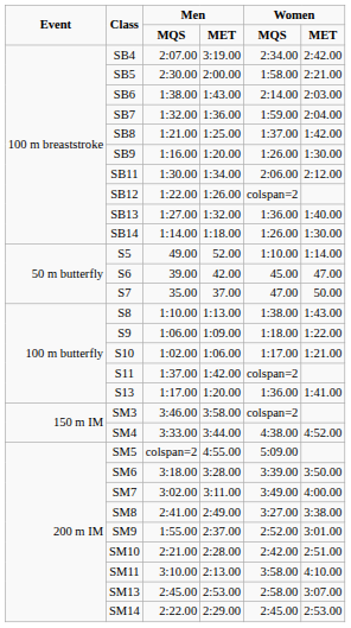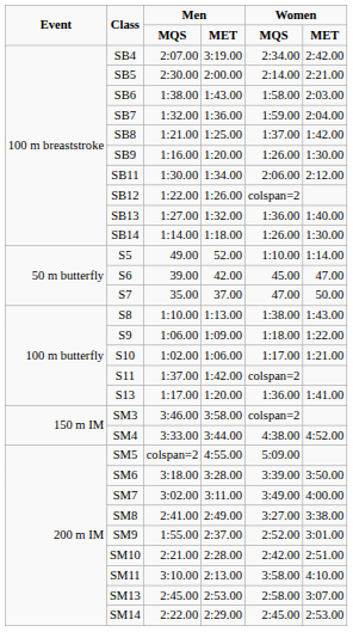 <table class="wikitable" style="text-align:right">
 <tr>
 <td align="center" rowspan="2"><strong>Event</strong></td>
 <td align="center" rowspan="2"><strong>Class</strong></td>
 <td align="center" colspan="2"><strong>Men</strong></td>
 <td align="center" colspan="2"><strong>Women</strong></td>
 </tr>
 <tr>
 <td align="center"><strong>MQS</strong></td>
 <td align="center"><strong>MET</strong></td>
 <td align="center"><strong>MQS</strong></td>
 <td align="center"><strong>MET</strong></td>
 </tr>
 <tr>
 <td rowspan="10">100 m breaststroke</td>
 <td align="center">SB4</td>
 <td>2:07.00</td>
 <td>3:19.00</td>
 <td>2:34.00</td>
 <td>2:42.00</td>
 </tr>
 <tr>
 <td align="center">SB5</td>
 <td>2:30.00</td>
 <td>2:00.00</td>
-<td>1:58.00</td>
+<td>2:14.00</td>
 <td>2:21.00</td>
 </tr>
 <tr>
 <td align="center">SB6</td>
 <td>1:38.00</td>
 <td>1:43.00</td>
-<td>2:14.00</td>
+<td>1:58.00</td>
 <td>2:03.00</td>
 </tr>
 <tr>
 <td align="center">SB7</td>
 <td>1:32.00</td>
 <td>1:36.00</td>
 <td>1:59.00</td>
 <td>2:04.00</td>
 </tr>
 <tr>
 <td align="center">SB8</td>
 <td>1:21.00</td>
 <td>1:25.00</td>
 <td>1:37.00</td>
 <td>1:42.00</td>
 </tr>
 <tr>
 <td align="center">SB9</td>
 <td>1:16.00</td>
 <td>1:20.00</td>
 <td>1:26.00</td>
 <td>1:30.00</td>
 </tr>
 <tr>
 <td align="center">SB11</td>
 <td>1:30.00</td>
 <td>1:34.00</td>
 <td>2:06.00</td>
 <td>2:12.00</td>
 </tr>
 <tr>
 <td align="center">SB12</td>
 <td>1:22.00</td>
 <td>1:26.00</td>
 <td>colspan=2 </td>
 </tr>
 <tr>
 <td align="center">SB13</td>
 <td>1:27.00</td>
 <td>1:32.00</td>
 <td>1:36.00</td>
 <td>1:40.00</td>
 </tr>
 <tr>
 <td align="center">SB14</td>
 <td>1:14.00</td>
 <td>1:18.00</td>
 <td>1:26.00</td>
 <td>1:30.00</td>
 </tr>
 <tr>
 <td rowspan="3">50 m butterfly</td>
 <td align="center">S5</td>
 <td>49.00</td>
 <td>52.00</td>
 <td>1:10.00</td>
 <td>1:14.00</td>
 </tr>
 <tr>
 <td align="center">S6</td>
 <td>39.00</td>
 <td>42.00</td>
 <td>45.00</td>
 <td>47.00</td>
 </tr>
 <tr>
 <td align="center">S7</td>
 <td>35.00</td>
 <td>37.00</td>
 <td>47.00</td>
 <td>50.00</td>
 </tr>
 <tr>
 <td rowspan="5">100 m butterfly</td>
 <td align="center">S8</td>
 <td>1:10.00</td>
 <td>1:13.00</td>
 <td>1:38.00</td>
 <td>1:43.00</td>
 </tr>
 <tr>
 <td align="center">S9</td>
 <td>1:06.00</td>
 <td>1:09.00</td>
 <td>1:18.00</td>
 <td>1:22.00</td>
 </tr>
 <tr>
 <td align="center">S10</td>
 <td>1:02.00</td>
 <td>1:06.00</td>
 <td>1:17.00</td>
 <td>1:21.00</td>
 </tr>
 <tr>
 <td align="center">S11</td>
 <td>1:37.00</td>
 <td>1:42.00</td>
 <td>colspan=2 </td>
 </tr>
 <tr>
 <td align="center">S13</td>
 <td>1:17.00</td>
 <td>1:20.00</td>
 <td>1:36.00</td>
 <td>1:41.00</td>
 </tr>
 <tr>
 <td rowspan="2">150 m IM</td>
 <td align="center">SM3</td>
 <td>3:46.00</td>
 <td>3:58.00</td>
 <td>colspan=2 </td>
 </tr>
 <tr>
 <td align="center">SM4</td>
 <td>3:33.00</td>
 <td>3:44.00</td>
 <td>4:38.00</td>
 <td>4:52.00</td>
 </tr>
 <tr>
 <td rowspan="9">200 m IM</td>
 <td align="center">SM5</td>
 <td>colspan=2 </td>
 <td>4:55.00</td>
 <td>5:09.00</td>
 </tr>
 <tr>
 <td align="center">SM6</td>
 <td>3:18.00</td>
 <td>3:28.00</td>
 <td>3:39.00</td>
 <td>3:50.00</td>
 </tr>
 <tr>
 <td align="center">SM7</td>
 <td>3:02.00</td>
 <td>3:11.00</td>
 <td>3:49.00</td>
 <td>4:00.00</td>
 </tr>
 <tr>
 <td align="center">SM8</td>
 <td>2:41.00</td>
 <td>2:49.00</td>
 <td>3:27.00</td>
 <td>3:38.00</td>
 </tr>
 <tr>
 <td align="center">SM9</td>
 <td>1:55.00</td>
 <td>2:37.00</td>
 <td>2:52.00</td>
 <td>3:01.00</td>
 </tr>
 <tr>
 <td align="center">SM10</td>
 <td>2:21.00</td>
 <td>2:28.00</td>
 <td>2:42.00</td>
 <td>2:51.00</td>
 </tr>
 <tr>
 <td align="center">SM11</td>
 <td>3:10.00</td>
 <td>2:13.00</td>
 <td>3:58.00</td>
 <td>4:10.00</td>
 </tr>
 <tr>
 <td align="center">SM13</td>
 <td>2:45.00</td>
 <td>2:53.00</td>
 <td>2:58.00</td>
 <td>3:07.00</td>
 </tr>
 <tr>
 <td align="center">SM14</td>
 <td>2:22.00</td>
 <td>2:29.00</td>
 <td>2:45.00</td>
 <td>2:53.00</td>
 </tr>
 </table>
